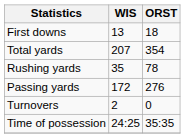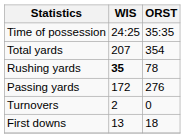 <table class="wikitable" style="float: left;">
 <tr>
 <th>Statistics</th>
 <th>WIS</th>
 <th>ORST</th>
 </tr>
 <tr>
-<td>First downs</td>
-<td>13</td>
-<td>18</td>
+<td>Time of possession</td>
+<td>24:25</td>
+<td>35:35</td>
 </tr>
 <tr>
 <td>Total yards</td>
 <td>207</td>
 <td>354</td>
 </tr>
 <tr>
 <td>Rushing yards</td>
-<td>35</td>
+<td><strong>35</strong></td>
 <td>78</td>
 </tr>
 <tr>
 <td>Passing yards</td>
 <td>172</td>
 <td>276</td>
 </tr>
 <tr>
 <td>Turnovers</td>
 <td>2</td>
 <td>0</td>
 </tr>
 <tr>
-<td>Time of possession</td>
-<td>24:25</td>
-<td>35:35</td>
+<td>First downs</td>
+<td>13</td>
+<td>18</td>
 </tr>
 <tr>
 </tr>
 </table>
